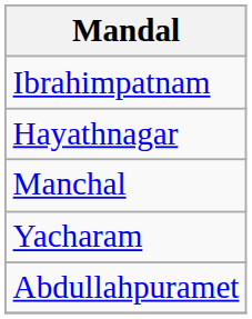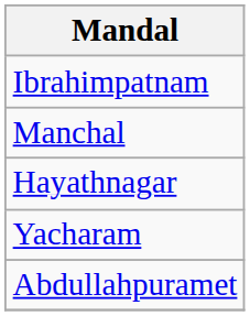 <table class="wikitable sortable static-row-numbers static-row-header-hash">
 <tr>
 <th>Mandal</th>
 </tr>
 <tr>
 <td><a href='#'>Ibrahimpatnam</a></td>
 </tr>
 <tr>
-<td><a href='#'>Hayathnagar</a></td>
+<td><a href='#'>Manchal</a></td>
 </tr>
 <tr>
-<td><a href='#'>Manchal</a></td>
+<td><a href='#'>Hayathnagar</a></td>
 </tr>
 <tr>
 <td><a href='#'>Yacharam</a></td>
 </tr>
 <tr>
 <td><a href='#'>Abdullahpuramet</a></td>
 </tr>
 <tr>
 </tr>
 </table>
